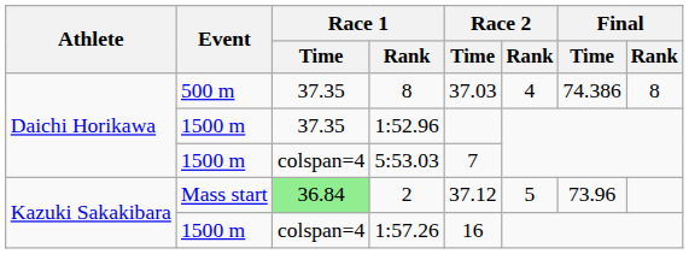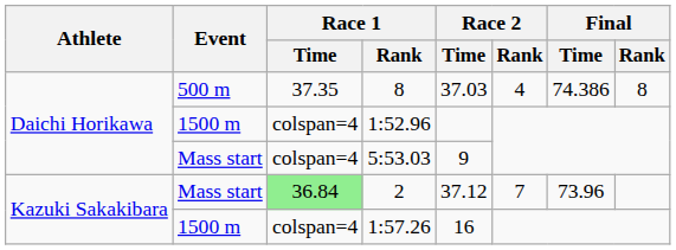 <table class="wikitable" style="font-size:90%">
 <tr>
 <th rowspan=2>Athlete</th>
 <th rowspan=2>Event</th>
 <th colspan=2>Race 1</th>
 <th colspan=2>Race 2</th>
 <th colspan=2>Final</th>
 </tr>
 <tr style="font-size:95%">
 <th>Time</th>
 <th>Rank</th>
 <th>Time</th>
 <th>Rank</th>
 <th>Time</th>
 <th>Rank</th>
 </tr>
 <tr align=center>
 <td align=left rowspan=3><a href='#'>Daichi Horikawa</a></td>
 <td align=left><a href='#'>500 m</a></td>
 <td>37.35</td>
 <td>8</td>
 <td>37.03</td>
 <td>4</td>
 <td>74.386</td>
 <td>8</td>
 </tr>
 <tr align=center>
 <td align=left><a href='#'>1500 m</a></td>
-<td>37.35</td>
+<td>colspan=4 </td>
 <td>1:52.96</td>
 <td></td>
 </tr>
 <tr align=center>
-<td align=left><a href='#'>1500 m</a></td>
+<td align=left><a href='#'>Mass start</a></td>
 <td>colspan=4 </td>
 <td>5:53.03</td>
-<td>7</td>
+<td>9</td>
 </tr>
 <tr align=center>
 <td align=left rowspan=2><a href='#'>Kazuki Sakakibara</a></td>
 <td align=left><a href='#'>Mass start</a></td>
 <td style="background: lightgreen;">36.84</td>
 <td>2</td>
 <td>37.12</td>
-<td>5</td>
+<td>7</td>
 <td>73.96</td>
 <td></td>
 </tr>
 <tr align=center>
 <td align=left><a href='#'>1500 m</a></td>
 <td>colspan=4 </td>
 <td>1:57.26</td>
 <td>16</td>
 </tr>
 </table>
